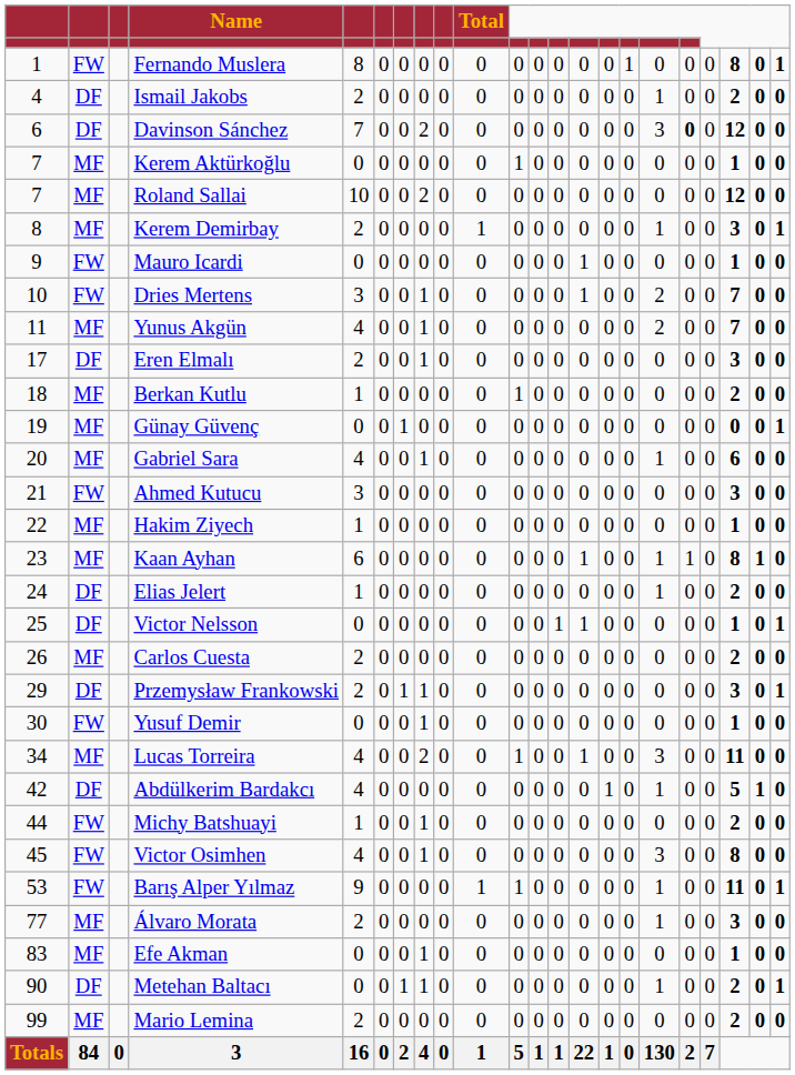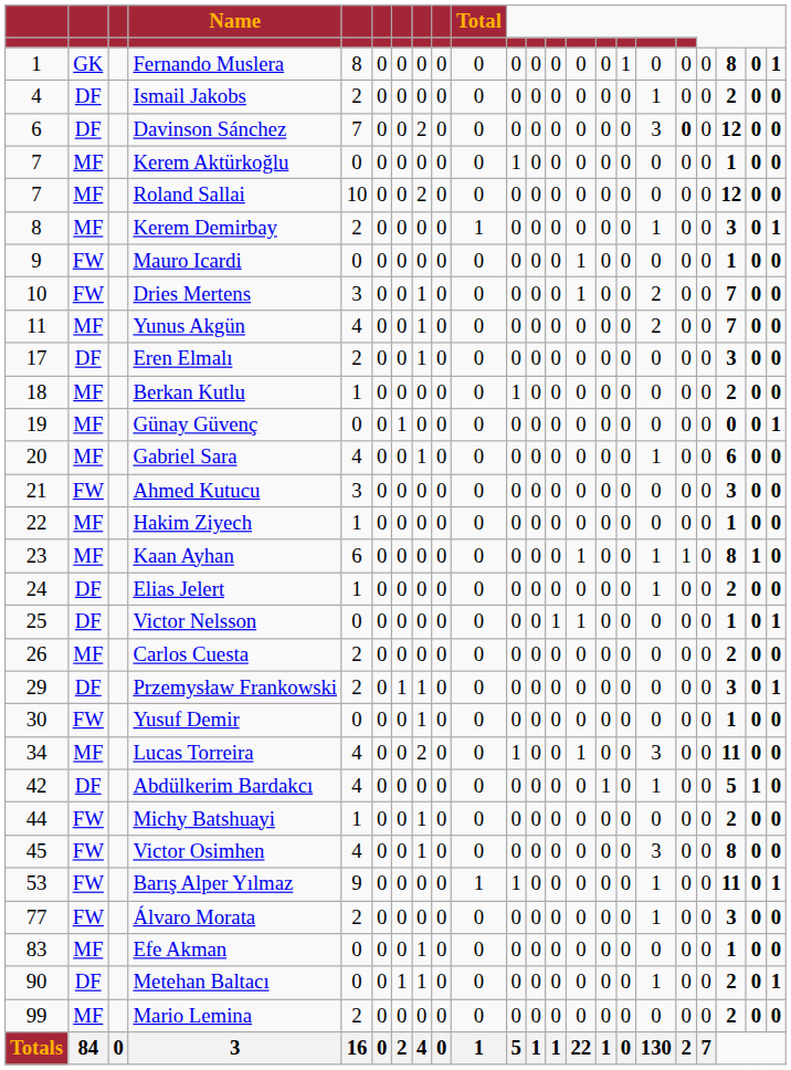 <table class="wikitable" style="text-align:center;">
 <tr>
 <th style="background:#A32638; color:#FFB300; "></th>
 <th style="background:#A32638; color:#FFB300; "></th>
 <th style="background:#A32638; color:#FFB300; "></th>
 <th style="background:#A32638; color:#FFB300; ">Name</th>
 <th style="background:#A32638; color:#FFB300; "></th>
 <th style="background:#A32638; color:#FFB300; "></th>
 <th style="background:#A32638; color:#FFB300; "></th>
 <th style="background:#A32638; color:#FFB300; "></th>
 <th style="background:#A32638; color:#FFB300; "></th>
 <th style="background:#A32638; color:#FFB300; ">Total</th>
 </tr>
 <tr>
 <th style="background:#A32638; color:#FFB300; "></th>
 <th style="background:#A32638; color:#FFB300; "></th>
 <th style="background:#A32638; color:#FFB300; "></th>
 <th style="background:#A32638; color:#FFB300; "></th>
 <th style="background:#A32638; color:#FFB300; "></th>
 <th style="background:#A32638; color:#FFB300; "></th>
 <th style="background:#A32638; color:#FFB300; "></th>
 <th style="background:#A32638; color:#FFB300; "></th>
 <th style="background:#A32638; color:#FFB300; "></th>
 <th style="background:#A32638; color:#FFB300; "></th>
 <th style="background:#A32638; color:#FFB300; "></th>
 <th style="background:#A32638; color:#FFB300; "></th>
 <th style="background:#A32638; color:#FFB300; "></th>
 <th style="background:#A32638; color:#FFB300; "></th>
 <th style="background:#A32638; color:#FFB300; "></th>
 <th style="background:#A32638; color:#FFB300; "></th>
 <th style="background:#A32638; color:#FFB300; "></th>
 <th style="background:#A32638; color:#FFB300; "></th>
 </tr>
 <tr>
 <td>1</td>
-<td><a href='#'>FW</a></td>
+<td><a href='#'>GK</a></td>
 <td></td>
 <td align=left><a href='#'>Fernando Muslera</a></td>
 <td>8</td>
 <td>0</td>
 <td>0</td>
 <td>0</td>
 <td>0</td>
 <td>0</td>
 <td>0</td>
 <td>0</td>
 <td>0</td>
 <td>0</td>
 <td>0</td>
 <td>1</td>
 <td>0</td>
 <td>0</td>
 <td>0</td>
 <td><strong>8</strong></td>
 <td><strong>0</strong></td>
 <td><strong>1</strong></td>
 </tr>
 <tr>
 <td>4</td>
 <td><a href='#'>DF</a></td>
 <td></td>
 <td align=left><a href='#'>Ismail Jakobs</a></td>
 <td>2</td>
 <td>0</td>
 <td>0</td>
 <td>0</td>
 <td>0</td>
 <td>0</td>
 <td>0</td>
 <td>0</td>
 <td>0</td>
 <td>0</td>
 <td>0</td>
 <td>0</td>
 <td>1</td>
 <td>0</td>
 <td>0</td>
 <td><strong>2</strong></td>
 <td><strong>0</strong></td>
 <td><strong>0</strong></td>
 </tr>
 <tr>
 <td>6</td>
 <td><a href='#'>DF</a></td>
 <td></td>
 <td align=left><a href='#'>Davinson Sánchez</a></td>
 <td>7</td>
 <td>0</td>
 <td>0</td>
 <td>2</td>
 <td>0</td>
 <td>0</td>
 <td>0</td>
 <td>0</td>
 <td>0</td>
 <td>0</td>
 <td>0</td>
 <td>0</td>
 <td>3</td>
 <td><strong>0</strong></td>
 <td>0</td>
 <td><strong>12</strong></td>
 <td><strong>0</strong></td>
 <td><strong>0</strong></td>
 </tr>
 <tr>
 <td>7</td>
 <td><a href='#'>MF</a></td>
 <td></td>
 <td align=left><a href='#'>Kerem Aktürkoğlu</a></td>
 <td>0</td>
 <td>0</td>
 <td>0</td>
 <td>0</td>
 <td>0</td>
 <td>0</td>
 <td>1</td>
 <td>0</td>
 <td>0</td>
 <td>0</td>
 <td>0</td>
 <td>0</td>
 <td>0</td>
 <td>0</td>
 <td>0</td>
 <td><strong>1</strong></td>
 <td><strong>0</strong></td>
 <td><strong>0</strong></td>
 </tr>
 <tr>
 <td>7</td>
 <td><a href='#'>MF</a></td>
 <td></td>
 <td align=left><a href='#'>Roland Sallai</a></td>
 <td>10</td>
 <td>0</td>
 <td>0</td>
 <td>2</td>
 <td>0</td>
 <td>0</td>
 <td>0</td>
 <td>0</td>
 <td>0</td>
 <td>0</td>
 <td>0</td>
 <td>0</td>
 <td>0</td>
 <td>0</td>
 <td>0</td>
 <td><strong>12</strong></td>
 <td><strong>0</strong></td>
 <td><strong>0</strong></td>
 </tr>
 <tr>
 <td>8</td>
 <td><a href='#'>MF</a></td>
 <td></td>
 <td align=left><a href='#'>Kerem Demirbay</a></td>
 <td>2</td>
 <td>0</td>
 <td>0</td>
 <td>0</td>
 <td>0</td>
 <td>1</td>
 <td>0</td>
 <td>0</td>
 <td>0</td>
 <td>0</td>
 <td>0</td>
 <td>0</td>
 <td>1</td>
 <td>0</td>
 <td>0</td>
 <td><strong>3</strong></td>
 <td><strong>0</strong></td>
 <td><strong>1</strong></td>
 </tr>
 <tr>
 <td>9</td>
 <td><a href='#'>FW</a></td>
 <td></td>
 <td align=left><a href='#'>Mauro Icardi</a></td>
 <td>0</td>
 <td>0</td>
 <td>0</td>
 <td>0</td>
 <td>0</td>
 <td>0</td>
 <td>0</td>
 <td>0</td>
 <td>0</td>
 <td>1</td>
 <td>0</td>
 <td>0</td>
 <td>0</td>
 <td>0</td>
 <td>0</td>
 <td><strong>1</strong></td>
 <td><strong>0</strong></td>
 <td><strong>0</strong></td>
 </tr>
 <tr>
 <td>10</td>
 <td><a href='#'>FW</a></td>
 <td></td>
 <td align=left><a href='#'>Dries Mertens</a></td>
 <td>3</td>
 <td>0</td>
 <td>0</td>
 <td>1</td>
 <td>0</td>
 <td>0</td>
 <td>0</td>
 <td>0</td>
 <td>0</td>
 <td>1</td>
 <td>0</td>
 <td>0</td>
 <td>2</td>
 <td>0</td>
 <td>0</td>
 <td><strong>7</strong></td>
 <td><strong>0</strong></td>
 <td><strong>0</strong></td>
 </tr>
 <tr>
 <td>11</td>
 <td><a href='#'>MF</a></td>
 <td></td>
 <td align=left><a href='#'>Yunus Akgün</a></td>
 <td>4</td>
 <td>0</td>
 <td>0</td>
 <td>1</td>
 <td>0</td>
 <td>0</td>
 <td>0</td>
 <td>0</td>
 <td>0</td>
 <td>0</td>
 <td>0</td>
 <td>0</td>
 <td>2</td>
 <td>0</td>
 <td>0</td>
 <td><strong>7</strong></td>
 <td><strong>0</strong></td>
 <td><strong>0</strong></td>
 </tr>
 <tr>
 <td>17</td>
 <td><a href='#'>DF</a></td>
 <td></td>
 <td align=left><a href='#'>Eren Elmalı</a></td>
 <td>2</td>
 <td>0</td>
 <td>0</td>
 <td>1</td>
 <td>0</td>
 <td>0</td>
 <td>0</td>
 <td>0</td>
 <td>0</td>
 <td>0</td>
 <td>0</td>
 <td>0</td>
 <td>0</td>
 <td>0</td>
 <td>0</td>
 <td><strong>3</strong></td>
 <td><strong>0</strong></td>
 <td><strong>0</strong></td>
 </tr>
 <tr>
 <td>18</td>
 <td><a href='#'>MF</a></td>
 <td></td>
 <td align=left><a href='#'>Berkan Kutlu</a></td>
 <td>1</td>
 <td>0</td>
 <td>0</td>
 <td>0</td>
 <td>0</td>
 <td>0</td>
 <td>1</td>
 <td>0</td>
 <td>0</td>
 <td>0</td>
 <td>0</td>
 <td>0</td>
 <td>0</td>
 <td>0</td>
 <td>0</td>
 <td><strong>2</strong></td>
 <td><strong>0</strong></td>
 <td><strong>0</strong></td>
 </tr>
 <tr>
 <td>19</td>
 <td><a href='#'>MF</a></td>
 <td></td>
 <td align=left><a href='#'>Günay Güvenç</a></td>
 <td>0</td>
 <td>0</td>
 <td>1</td>
 <td>0</td>
 <td>0</td>
 <td>0</td>
 <td>0</td>
 <td>0</td>
 <td>0</td>
 <td>0</td>
 <td>0</td>
 <td>0</td>
 <td>0</td>
 <td>0</td>
 <td>0</td>
 <td><strong>0</strong></td>
 <td><strong>0</strong></td>
 <td><strong>1</strong></td>
 </tr>
 <tr>
 <td>20</td>
 <td><a href='#'>MF</a></td>
 <td></td>
 <td align=left><a href='#'>Gabriel Sara</a></td>
 <td>4</td>
 <td>0</td>
 <td>0</td>
 <td>1</td>
 <td>0</td>
 <td>0</td>
 <td>0</td>
 <td>0</td>
 <td>0</td>
 <td>0</td>
 <td>0</td>
 <td>0</td>
 <td>1</td>
 <td>0</td>
 <td>0</td>
 <td><strong>6</strong></td>
 <td><strong>0</strong></td>
 <td><strong>0</strong></td>
 </tr>
 <tr>
 <td>21</td>
 <td><a href='#'>FW</a></td>
 <td></td>
 <td align=left><a href='#'>Ahmed Kutucu</a></td>
 <td>3</td>
 <td>0</td>
 <td>0</td>
 <td>0</td>
 <td>0</td>
 <td>0</td>
 <td>0</td>
 <td>0</td>
 <td>0</td>
 <td>0</td>
 <td>0</td>
 <td>0</td>
 <td>0</td>
 <td>0</td>
 <td>0</td>
 <td><strong>3</strong></td>
 <td><strong>0</strong></td>
 <td><strong>0</strong></td>
 </tr>
 <tr>
 <td>22</td>
 <td><a href='#'>MF</a></td>
 <td></td>
 <td align=left><a href='#'>Hakim Ziyech</a></td>
 <td>1</td>
 <td>0</td>
 <td>0</td>
 <td>0</td>
 <td>0</td>
 <td>0</td>
 <td>0</td>
 <td>0</td>
 <td>0</td>
 <td>0</td>
 <td>0</td>
 <td>0</td>
 <td>0</td>
 <td>0</td>
 <td>0</td>
 <td><strong>1</strong></td>
 <td><strong>0</strong></td>
 <td><strong>0</strong></td>
 </tr>
 <tr>
 <td>23</td>
 <td><a href='#'>MF</a></td>
 <td></td>
 <td align=left><a href='#'>Kaan Ayhan</a></td>
 <td>6</td>
 <td>0</td>
 <td>0</td>
 <td>0</td>
 <td>0</td>
 <td>0</td>
 <td>0</td>
 <td>0</td>
 <td>0</td>
 <td>1</td>
 <td>0</td>
 <td>0</td>
 <td>1</td>
 <td>1</td>
 <td>0</td>
 <td><strong>8</strong></td>
 <td><strong>1</strong></td>
 <td><strong>0</strong></td>
 </tr>
 <tr>
 <td>24</td>
 <td><a href='#'>DF</a></td>
 <td></td>
 <td align=left><a href='#'>Elias Jelert</a></td>
 <td>1</td>
 <td>0</td>
 <td>0</td>
 <td>0</td>
 <td>0</td>
 <td>0</td>
 <td>0</td>
 <td>0</td>
 <td>0</td>
 <td>0</td>
 <td>0</td>
 <td>0</td>
 <td>1</td>
 <td>0</td>
 <td>0</td>
 <td><strong>2</strong></td>
 <td><strong>0</strong></td>
 <td><strong>0</strong></td>
 </tr>
 <tr>
 <td>25</td>
 <td><a href='#'>DF</a></td>
 <td></td>
 <td align=left><a href='#'>Victor Nelsson</a></td>
 <td>0</td>
 <td>0</td>
 <td>0</td>
 <td>0</td>
 <td>0</td>
 <td>0</td>
 <td>0</td>
 <td>0</td>
 <td>1</td>
 <td>1</td>
 <td>0</td>
 <td>0</td>
 <td>0</td>
 <td>0</td>
 <td>0</td>
 <td><strong>1</strong></td>
 <td><strong>0</strong></td>
 <td><strong>1</strong></td>
 </tr>
 <tr>
 <td>26</td>
 <td><a href='#'>MF</a></td>
 <td></td>
 <td align=left><a href='#'>Carlos Cuesta</a></td>
 <td>2</td>
 <td>0</td>
 <td>0</td>
 <td>0</td>
 <td>0</td>
 <td>0</td>
 <td>0</td>
 <td>0</td>
 <td>0</td>
 <td>0</td>
 <td>0</td>
 <td>0</td>
 <td>0</td>
 <td>0</td>
 <td>0</td>
 <td><strong>2</strong></td>
 <td><strong>0</strong></td>
 <td><strong>0</strong></td>
 </tr>
 <tr>
 <td>29</td>
 <td><a href='#'>DF</a></td>
 <td></td>
 <td align=left><a href='#'>Przemysław Frankowski</a></td>
 <td>2</td>
 <td>0</td>
 <td>1</td>
 <td>1</td>
 <td>0</td>
 <td>0</td>
 <td>0</td>
 <td>0</td>
 <td>0</td>
 <td>0</td>
 <td>0</td>
 <td>0</td>
 <td>0</td>
 <td>0</td>
 <td>0</td>
 <td><strong>3</strong></td>
 <td><strong>0</strong></td>
 <td><strong>1</strong></td>
 </tr>
 <tr>
 <td>30</td>
 <td><a href='#'>FW</a></td>
 <td></td>
 <td align=left><a href='#'>Yusuf Demir</a></td>
 <td>0</td>
 <td>0</td>
 <td>0</td>
 <td>1</td>
 <td>0</td>
 <td>0</td>
 <td>0</td>
 <td>0</td>
 <td>0</td>
 <td>0</td>
 <td>0</td>
 <td>0</td>
 <td>0</td>
 <td>0</td>
 <td>0</td>
 <td><strong>1</strong></td>
 <td><strong>0</strong></td>
 <td><strong>0</strong></td>
 </tr>
 <tr>
 <td>34</td>
 <td><a href='#'>MF</a></td>
 <td></td>
 <td align=left><a href='#'>Lucas Torreira</a></td>
 <td>4</td>
 <td>0</td>
 <td>0</td>
 <td>2</td>
 <td>0</td>
 <td>0</td>
 <td>1</td>
 <td>0</td>
 <td>0</td>
 <td>1</td>
 <td>0</td>
 <td>0</td>
 <td>3</td>
 <td>0</td>
 <td>0</td>
 <td><strong>11</strong></td>
 <td><strong>0</strong></td>
 <td><strong>0</strong></td>
 </tr>
 <tr>
 <td>42</td>
 <td><a href='#'>DF</a></td>
 <td></td>
 <td align=left><a href='#'>Abdülkerim Bardakcı</a></td>
 <td>4</td>
 <td>0</td>
 <td>0</td>
 <td>0</td>
 <td>0</td>
 <td>0</td>
 <td>0</td>
 <td>0</td>
 <td>0</td>
 <td>0</td>
 <td>1</td>
 <td>0</td>
 <td>1</td>
 <td>0</td>
 <td>0</td>
 <td><strong>5</strong></td>
 <td><strong>1</strong></td>
 <td><strong>0</strong></td>
 </tr>
 <tr>
 <td>44</td>
 <td><a href='#'>FW</a></td>
 <td></td>
 <td align=left><a href='#'>Michy Batshuayi</a></td>
 <td>1</td>
 <td>0</td>
 <td>0</td>
 <td>1</td>
 <td>0</td>
 <td>0</td>
 <td>0</td>
 <td>0</td>
 <td>0</td>
 <td>0</td>
 <td>0</td>
 <td>0</td>
 <td>0</td>
 <td>0</td>
 <td>0</td>
 <td><strong>2</strong></td>
 <td><strong>0</strong></td>
 <td><strong>0</strong></td>
 </tr>
 <tr>
 <td>45</td>
 <td><a href='#'>FW</a></td>
 <td></td>
 <td align=left><a href='#'>Victor Osimhen</a></td>
 <td>4</td>
 <td>0</td>
 <td>0</td>
 <td>1</td>
 <td>0</td>
 <td>0</td>
 <td>0</td>
 <td>0</td>
 <td>0</td>
 <td>0</td>
 <td>0</td>
 <td>0</td>
 <td>3</td>
 <td>0</td>
 <td>0</td>
 <td><strong>8</strong></td>
 <td><strong>0</strong></td>
 <td><strong>0</strong></td>
 </tr>
 <tr>
 <td>53</td>
 <td><a href='#'>FW</a></td>
 <td></td>
 <td align=left><a href='#'>Barış Alper Yılmaz</a></td>
 <td>9</td>
 <td>0</td>
 <td>0</td>
 <td>0</td>
 <td>0</td>
 <td>1</td>
 <td>1</td>
 <td>0</td>
 <td>0</td>
 <td>0</td>
 <td>0</td>
 <td>0</td>
 <td>1</td>
 <td>0</td>
 <td>0</td>
 <td><strong>11</strong></td>
 <td><strong>0</strong></td>
 <td><strong>1</strong></td>
 </tr>
 <tr>
 <td>77</td>
-<td><a href='#'>MF</a></td>
+<td><a href='#'>FW</a></td>
 <td></td>
 <td align=left><a href='#'>Álvaro Morata</a></td>
 <td>2</td>
 <td>0</td>
 <td>0</td>
 <td>0</td>
 <td>0</td>
 <td>0</td>
 <td>0</td>
 <td>0</td>
 <td>0</td>
 <td>0</td>
 <td>0</td>
 <td>0</td>
 <td>1</td>
 <td>0</td>
 <td>0</td>
 <td><strong>3</strong></td>
 <td><strong>0</strong></td>
 <td><strong>0</strong></td>
 </tr>
 <tr>
 <td>83</td>
 <td><a href='#'>MF</a></td>
 <td></td>
 <td align=left><a href='#'>Efe Akman</a></td>
 <td>0</td>
 <td>0</td>
 <td>0</td>
 <td>1</td>
 <td>0</td>
 <td>0</td>
 <td>0</td>
 <td>0</td>
 <td>0</td>
 <td>0</td>
 <td>0</td>
 <td>0</td>
 <td>0</td>
 <td>0</td>
 <td>0</td>
 <td><strong>1</strong></td>
 <td><strong>0</strong></td>
 <td><strong>0</strong></td>
 </tr>
 <tr>
 <td>90</td>
 <td><a href='#'>DF</a></td>
 <td></td>
 <td align=left><a href='#'>Metehan Baltacı</a></td>
 <td>0</td>
 <td>0</td>
 <td>1</td>
 <td>1</td>
 <td>0</td>
 <td>0</td>
 <td>0</td>
 <td>0</td>
 <td>0</td>
 <td>0</td>
 <td>0</td>
 <td>0</td>
 <td>1</td>
 <td>0</td>
 <td>0</td>
 <td><strong>2</strong></td>
 <td><strong>0</strong></td>
 <td><strong>1</strong></td>
 </tr>
 <tr>
 <td>99</td>
 <td><a href='#'>MF</a></td>
 <td></td>
 <td align=left><a href='#'>Mario Lemina</a></td>
 <td>2</td>
 <td>0</td>
 <td>0</td>
 <td>0</td>
 <td>0</td>
 <td>0</td>
 <td>0</td>
 <td>0</td>
 <td>0</td>
 <td>0</td>
 <td>0</td>
 <td>0</td>
 <td>0</td>
 <td>0</td>
 <td>0</td>
 <td><strong>2</strong></td>
 <td><strong>0</strong></td>
 <td><strong>0</strong></td>
 </tr>
 <tr>
 <td style="background:#A32638; color:#FFB300; "><strong>Totals</strong></td>
 <th><strong>84</strong></th>
 <th><strong>0</strong></th>
 <th><strong>3</strong></th>
 <th><strong>16</strong></th>
 <th><strong>0</strong></th>
 <th><strong>2</strong></th>
 <th><strong>4</strong></th>
 <th><strong>0</strong></th>
 <th><strong>1</strong></th>
 <th><strong>5</strong></th>
 <th><strong>1</strong></th>
 <th><strong>1</strong></th>
 <th><strong>22</strong></th>
 <th><strong>1</strong></th>
 <th><strong>0</strong></th>
 <th><strong>130</strong></th>
 <th><strong>2</strong></th>
 <th><strong>7</strong></th>
 </tr>
 </table>
